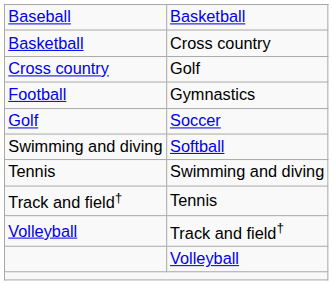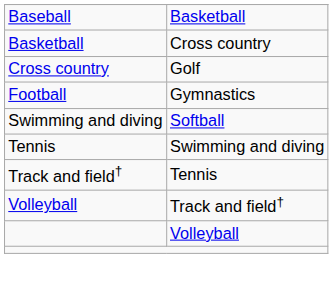 <table class="wikitable" style=" ">
 <tr>
 </tr>
 <tr>
 <td><a href='#'>Baseball</a></td>
 <td><a href='#'>Basketball</a></td>
 </tr>
 <tr>
 <td><a href='#'>Basketball</a></td>
 <td>Cross country</td>
 </tr>
 <tr>
 <td><a href='#'>Cross country</a></td>
 <td>Golf</td>
 </tr>
 <tr>
 <td><a href='#'>Football</a></td>
 <td>Gymnastics</td>
-</tr>
-<tr>
-<td><a href='#'>Golf</a></td>
-<td><a href='#'>Soccer</a></td>
 </tr>
 <tr>
 <td>Swimming and diving</td>
 <td><a href='#'>Softball</a></td>
 </tr>
 <tr>
 <td>Tennis</td>
 <td>Swimming and diving</td>
 </tr>
 <tr>
 <td>Track and field<sup>†</sup></td>
 <td>Tennis</td>
 </tr>
 <tr>
 <td><a href='#'>Volleyball</a></td>
 <td>Track and field<sup>†</sup></td>
 </tr>
 <tr>
 <td></td>
 <td><a href='#'>Volleyball</a></td>
 </tr>
 <tr>
 <td colspan="2"></td>
 </tr>
 </table>
